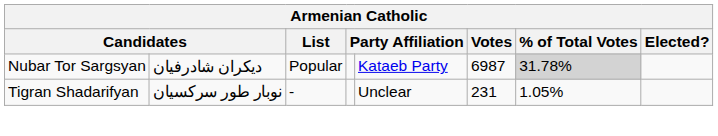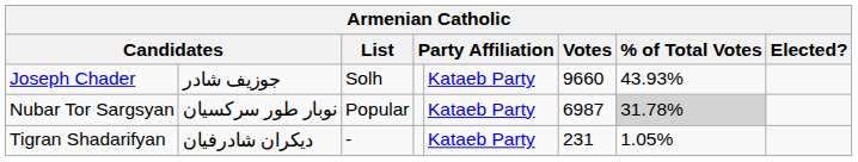 <table class="wikitable sortable">
 <tr>
 <th colspan="8">Armenian Catholic</th>
 </tr>
 <tr>
 <th colspan="2">Candidates</th>
 <th>List</th>
 <th colspan="2">Party Affiliation</th>
 <th>Votes</th>
 <th>% of Total Votes</th>
 <th>Elected?</th>
 </tr>
 <tr>
+<td><a href='#'>Joseph Chader</a></td>
+<td>جوزيف شادر</td>
+<td>Solh</td>
+<td style="background: "></td>
+<td><a href='#'>Kataeb Party</a></td>
+<td>9660</td>
+<td>43.93%</td>
+<td></td>
+</tr>
+<tr>
 <td>Nubar Tor Sargsyan</td>
-<td>ديكران شادرفيان</td>
+<td>نوبار طور سركسيان</td>
 <td>Popular</td>
 <td style="background: "></td>
 <td><a href='#'>Kataeb Party</a></td>
 <td>6987</td>
 <td style="background: lightgrey;">31.78%</td>
 <td></td>
 </tr>
 <tr>
 <td>Tigran Shadarifyan</td>
-<td>نوبار طور سركسيان</td>
+<td>ديكران شادرفيان</td>
 <td>-</td>
 <td style="background: "></td>
-<td>Unclear</td>
+<td><a href='#'>Kataeb Party</a></td>
 <td>231</td>
 <td>1.05%</td>
 <td></td>
 </tr>
 </table>
